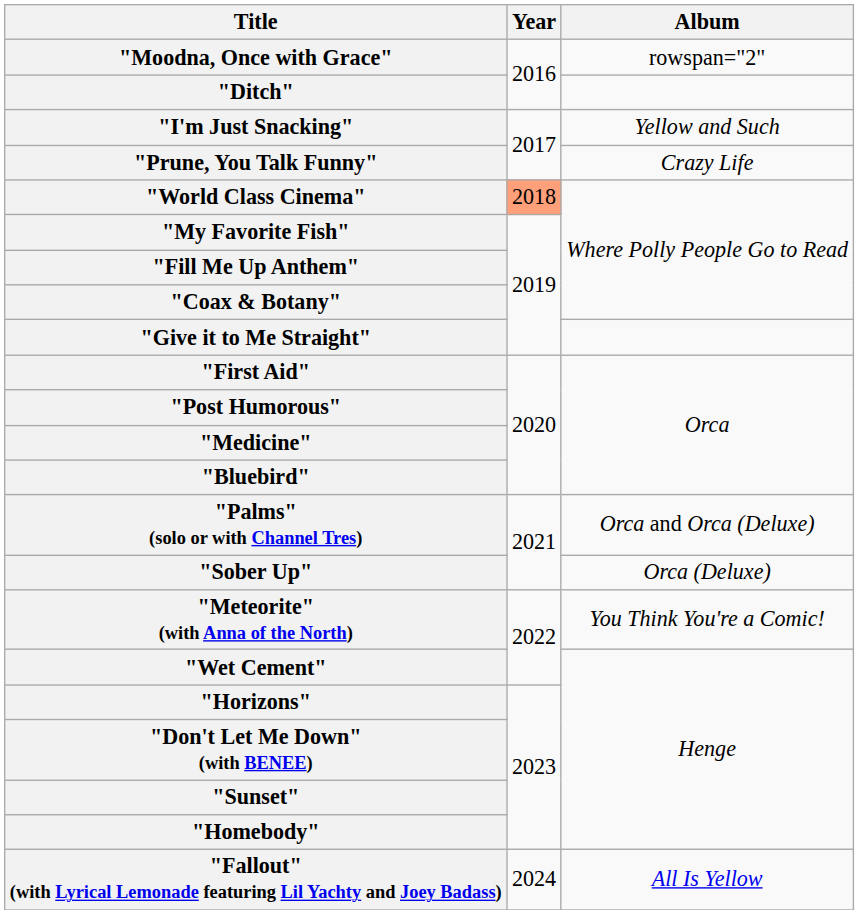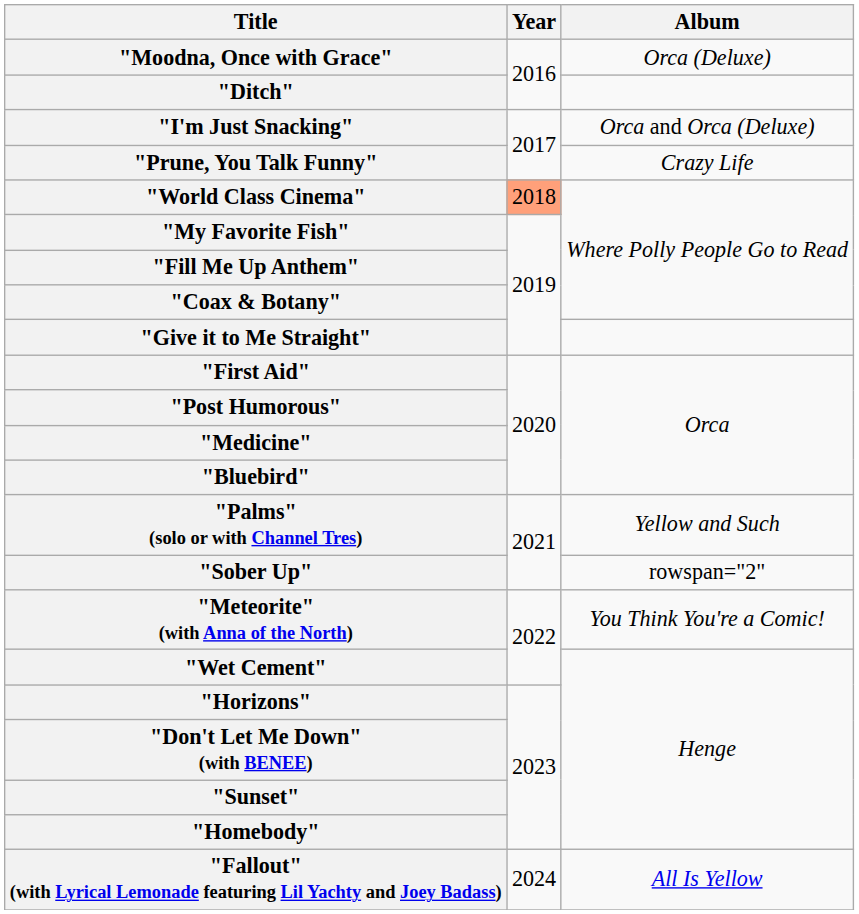 <table class="wikitable plainrowheaders" style="text-align:center;">
 <tr>
 <th>Title</th>
 <th>Year</th>
 <th>Album</th>
 </tr>
 <tr>
 <th scope="row">"Moodna, Once with Grace"</th>
 <td rowspan="2">2016</td>
-<td>rowspan="2" </td>
+<td><em>Orca (Deluxe)</em></td>
 </tr>
 <tr>
 <th scope="row">"Ditch"</th>
 </tr>
 <tr>
 <th scope="row">"I'm Just Snacking"</th>
 <td rowspan="2">2017</td>
-<td><em>Yellow and Such</em></td>
+<td><em>Orca</em> and <em>Orca (Deluxe)</em></td>
 </tr>
 <tr>
 <th scope="row">"Prune, You Talk Funny"</th>
 <td><em>Crazy Life</em></td>
 </tr>
 <tr>
 <th scope="row">"World Class Cinema"</th>
 <td style="background: lightsalmon;">2018</td>
 <td rowspan="4"><em>Where Polly People Go to Read</em></td>
 </tr>
 <tr>
 <th scope="row">"My Favorite Fish"</th>
 <td rowspan="4">2019</td>
 </tr>
 <tr>
 <th scope="row">"Fill Me Up Anthem"</th>
 </tr>
 <tr>
 <th scope="row">"Coax & Botany"</th>
 </tr>
 <tr>
 <th scope="row">"Give it to Me Straight"</th>
 <td></td>
 </tr>
 <tr>
 <th scope="row">"First Aid"</th>
 <td rowspan="4">2020</td>
 <td rowspan="4"><em>Orca</em></td>
 </tr>
 <tr>
 <th scope="row">"Post Humorous"</th>
 </tr>
 <tr>
 <th scope="row">"Medicine"</th>
 </tr>
 <tr>
 <th scope="row">"Bluebird"</th>
 </tr>
 <tr>
 <th scope="row">"Palms"<br><small>(solo or with <a href='#'>Channel Tres</a>)</small></th>
 <td rowspan="2">2021</td>
-<td><em>Orca</em> and <em>Orca (Deluxe)</em></td>
+<td><em>Yellow and Such</em></td>
 </tr>
 <tr>
 <th scope="row">"Sober Up"</th>
-<td><em>Orca (Deluxe)</em></td>
+<td>rowspan="2" </td>
 </tr>
 <tr>
 <th scope="row">"Meteorite"<br><small>(with <a href='#'>Anna of the North</a>)</small></th>
 <td rowspan="2">2022</td>
 <td><em>You Think You're a Comic!</em></td>
 </tr>
 <tr>
 <th scope="row">"Wet Cement"</th>
 <td rowspan="5"><em>Henge</em></td>
 </tr>
 <tr>
 <th scope="row">"Horizons"</th>
 <td rowspan="4">2023</td>
 </tr>
 <tr>
 <th scope="row">"Don't Let Me Down"<br><small>(with <a href='#'>BENEE</a>)</small></th>
 </tr>
 <tr>
 <th scope="row">"Sunset"</th>
 </tr>
 <tr>
 <th scope="row">"Homebody"</th>
 </tr>
 <tr>
 <th scope="row">"Fallout"<br><small>(with <a href='#'>Lyrical Lemonade</a> featuring <a href='#'>Lil Yachty</a> and <a href='#'>Joey Badass</a>)</small></th>
 <td>2024</td>
 <td><em><a href='#'>All Is Yellow</a></em></td>
 </tr>
 </table>
